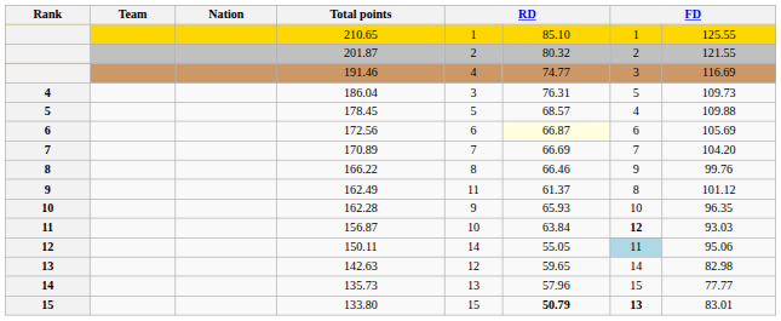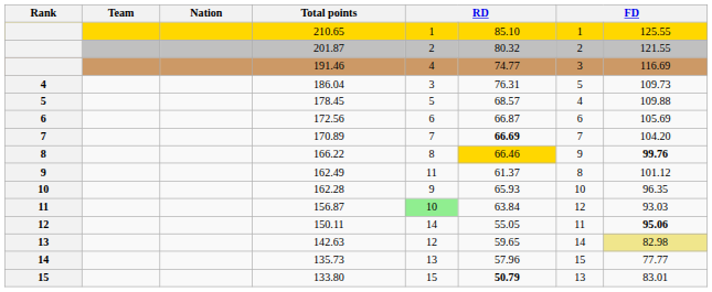 <table class="wikitable sortable" style="text-align:center;" width="80%">
 <tr>
 <th scope="col">Rank</th>
 <th scope="col">Team</th>
 <th scope="col">Nation</th>
 <th scope="col">Total points</th>
 <th scope="col" colspan="2" width="80px"><a href='#'>RD</a></th>
 <th scope="col" colspan="2" width="80px"><a href='#'>FD</a></th>
 </tr>
 <tr bgcolor="gold">
 <th scope="row"></th>
 <td align="left"></td>
 <td align="left"></td>
 <td>210.65</td>
 <td>1</td>
 <td>85.10</td>
 <td>1</td>
 <td>125.55</td>
 </tr>
 <tr bgcolor="silver">
 <th scope="row"></th>
 <td align="left"></td>
 <td align="left"></td>
 <td>201.87</td>
 <td>2</td>
 <td>80.32</td>
 <td>2</td>
 <td>121.55</td>
 </tr>
 <tr bgcolor="cc9966">
 <th scope="row"></th>
 <td align="left"></td>
 <td align="left"></td>
 <td>191.46</td>
 <td>4</td>
 <td>74.77</td>
 <td>3</td>
 <td>116.69</td>
 </tr>
 <tr>
 <th scope="row">4</th>
 <td align="left"></td>
 <td align="left"></td>
 <td>186.04</td>
 <td>3</td>
 <td>76.31</td>
 <td>5</td>
 <td>109.73</td>
 </tr>
 <tr>
 <th scope="row">5</th>
 <td align="left"></td>
 <td align="left"></td>
 <td>178.45</td>
 <td>5</td>
 <td>68.57</td>
 <td>4</td>
 <td>109.88</td>
 </tr>
 <tr>
 <th scope="row">6</th>
 <td align="left"></td>
 <td align="left"></td>
 <td>172.56</td>
 <td>6</td>
-<td style="background: lightyellow;">66.87</td>
+<td>66.87</td>
 <td>6</td>
 <td>105.69</td>
 </tr>
 <tr>
 <th scope="row">7</th>
 <td align="left"></td>
 <td align="left"></td>
 <td>170.89</td>
 <td>7</td>
-<td>66.69</td>
+<td><strong>66.69</strong></td>
 <td>7</td>
 <td>104.20</td>
 </tr>
 <tr>
 <th scope="row">8</th>
 <td align="left"></td>
 <td align="left"></td>
 <td>166.22</td>
 <td>8</td>
-<td>66.46</td>
+<td style="background: gold;">66.46</td>
 <td>9</td>
-<td>99.76</td>
+<td><strong>99.76</strong></td>
 </tr>
 <tr>
 <th scope="row">9</th>
 <td align="left"></td>
 <td align="left"></td>
 <td>162.49</td>
 <td>11</td>
 <td>61.37</td>
 <td>8</td>
 <td>101.12</td>
 </tr>
 <tr>
 <th scope="row">10</th>
 <td align="left"></td>
 <td align="left"></td>
 <td>162.28</td>
 <td>9</td>
 <td>65.93</td>
 <td>10</td>
 <td>96.35</td>
 </tr>
 <tr>
 <th scope="row">11</th>
 <td align="left"></td>
 <td align="left"></td>
 <td>156.87</td>
-<td>10</td>
+<td style="background: lightgreen;">10</td>
 <td>63.84</td>
-<td><strong>12</strong></td>
+<td>12</td>
 <td>93.03</td>
 </tr>
 <tr>
 <th scope="row">12</th>
 <td align="left"></td>
 <td align="left"></td>
 <td>150.11</td>
 <td>14</td>
 <td>55.05</td>
-<td style="background: lightblue;">11</td>
-<td>95.06</td>
+<td>11</td>
+<td><strong>95.06</strong></td>
 </tr>
 <tr>
 <th scope="row">13</th>
 <td align="left"></td>
 <td align="left"></td>
 <td>142.63</td>
 <td>12</td>
 <td>59.65</td>
 <td>14</td>
-<td>82.98</td>
+<td style="background: khaki;">82.98</td>
 </tr>
 <tr>
 <th scope="row">14</th>
 <td align="left"></td>
 <td align="left"></td>
 <td>135.73</td>
 <td>13</td>
 <td>57.96</td>
 <td>15</td>
 <td>77.77</td>
 </tr>
 <tr>
 <th scope="row">15</th>
 <td align="left"></td>
 <td align="left"></td>
 <td>133.80</td>
 <td>15</td>
 <td><strong>50.79</strong></td>
-<td><strong>13</strong></td>
+<td>13</td>
 <td>83.01</td>
 </tr>
 </table>
